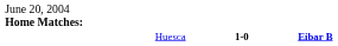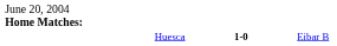 <table width=100% cellspacing=1>
 <tr>
 <th width=20%></th>
 <th width=12%></th>
 <th width=20%></th>
 <th></th>
 </tr>
 <tr>
 <td>June 20, 2004<br><strong>Home Matches:</strong></td>
 </tr>
 <tr style=font-size:90%>
 <td align=right><a href='#'>Huesca</a></td>
 <td align=center><strong>1-0</strong></td>
-<td><strong><a href='#'>Eibar B</a></strong></td>
+<td><a href='#'>Eibar B</a></td>
 </tr>
 </table>
